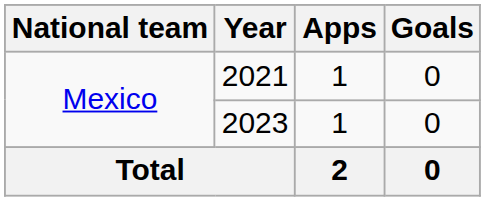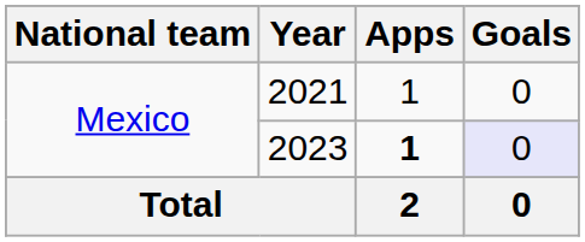 <table class="wikitable" style="text-align: center;">
 <tr>
 <th>National team</th>
 <th>Year</th>
 <th>Apps</th>
 <th>Goals</th>
 </tr>
 <tr>
 <td rowspan="2" valign="center"><a href='#'>Mexico</a></td>
 <td>2021</td>
 <td>1</td>
 <td>0</td>
 </tr>
 <tr>
 <td>2023</td>
-<td>1</td>
-<td>0</td>
+<td><strong>1</strong></td>
+<td style="background: lavender;">0</td>
 </tr>
 <tr>
 <th colspan="2">Total</th>
 <th>2</th>
 <th>0</th>
 </tr>
 </table>
